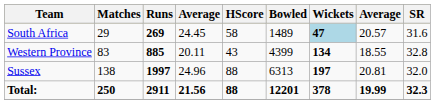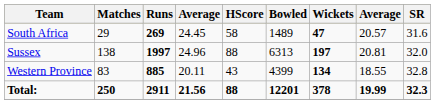 <table class="wikitable sortable" style="text align: center;">
 <tr bgcolor=#bdb76b>
 <th>Team</th>
 <th>Matches</th>
 <th>Runs</th>
 <th>Average</th>
 <th>HScore</th>
 <th>Bowled</th>
 <th>Wickets</th>
 <th>Average</th>
 <th>SR</th>
 </tr>
 <tr>
 <td><a href='#'>South Africa</a></td>
 <td>29</td>
 <td><strong>269</strong></td>
 <td>24.45</td>
 <td>58</td>
 <td>1489</td>
-<td style="background: lightblue;"><strong>47</strong></td>
+<td><strong>47</strong></td>
 <td>20.57</td>
 <td>31.6</td>
+</tr>
+<tr>
+<td><a href='#'>Sussex</a></td>
+<td>138</td>
+<td><strong>1997</strong></td>
+<td>24.96</td>
+<td>88</td>
+<td>6313</td>
+<td><strong>197</strong></td>
+<td>20.81</td>
+<td>32.0</td>
 </tr>
 <tr>
 <td><a href='#'>Western Province</a></td>
 <td>83</td>
 <td><strong>885</strong></td>
 <td>20.11</td>
 <td>43</td>
 <td>4399</td>
 <td><strong>134</strong></td>
 <td>18.55</td>
 <td>32.8</td>
-</tr>
-<tr>
-<td><a href='#'>Sussex</a></td>
-<td>138</td>
-<td><strong>1997</strong></td>
-<td>24.96</td>
-<td>88</td>
-<td>6313</td>
-<td><strong>197</strong></td>
-<td>20.81</td>
-<td>32.0</td>
 </tr>
 <tr>
 <td><strong>Total:</strong></td>
 <td><strong>250</strong></td>
 <td><strong>2911</strong></td>
 <td><strong>21.56</strong></td>
 <td><strong>88</strong></td>
 <td><strong>12201</strong></td>
 <td><strong>378</strong></td>
 <td><strong>19.99</strong></td>
 <td><strong>32.3</strong></td>
 </tr>
 <tr>
 </tr>
 </table>
